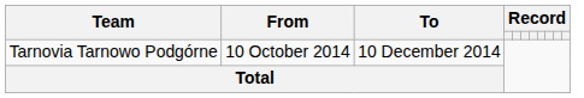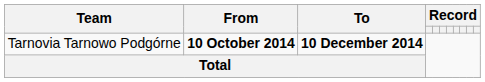 <table class="wikitable" style="text-align: center;">
 <tr>
 <th rowspan="2">Team</th>
 <th rowspan="2">From</th>
 <th rowspan="2">To</th>
 <th colspan="8">Record</th>
 </tr>
 <tr>
 <th></th>
 <th></th>
 <th></th>
 <th></th>
 <th></th>
 <th></th>
 <th></th>
 <th></th>
 </tr>
 <tr>
 <td align=left>Tarnovia Tarnowo Podgórne</td>
-<td align=left>10 October 2014</td>
-<td align=left>10 December 2014<br></td>
+<td align=left><strong>10 October 2014</strong></td>
+<td align=left><strong>10 December 2014<br></strong></td>
 </tr>
 <tr>
 <th colspan="3">Total<br></th>
 </tr>
 </table>
